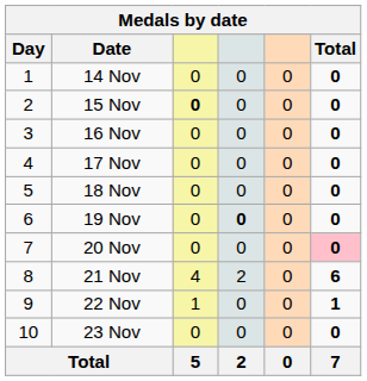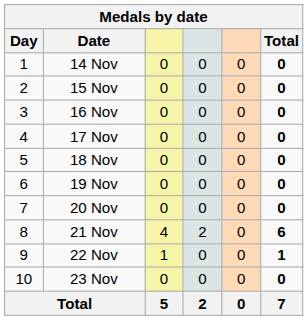 <table class="wikitable" style="font-size:90%; text-align:center;">
 <tr style="background:#efefef;">
 <th colspan=6><strong>Medals by date</strong></th>
 </tr>
 <tr>
 <th width=30><strong>Day</strong></th>
 <th width=90><strong>Date</strong></th>
 <th width=30 style="background:#F7F6A8;"></th>
 <th width=30 style="background:#DCE5E5;"></th>
 <th width=30 style="background:#FFDAB9;"></th>
 <th width=30><strong>Total</strong></th>
 </tr>
 <tr>
 <td>1</td>
 <td>14 Nov</td>
 <td style="background:#F7F6A8;">0</td>
 <td style="background:#DCE5E5;">0</td>
 <td style="background:#FFDAB9;">0</td>
 <td><strong>0</strong></td>
 </tr>
 <tr>
 <td>2</td>
 <td>15 Nov</td>
-<td style="background:#F7F6A8;"><strong>0</strong></td>
+<td style="background:#F7F6A8;">0</td>
 <td style="background:#DCE5E5;">0</td>
 <td style="background:#FFDAB9;">0</td>
 <td><strong>0</strong></td>
 </tr>
 <tr>
 <td>3</td>
 <td>16 Nov</td>
 <td style="background:#F7F6A8;">0</td>
 <td style="background:#DCE5E5;">0</td>
 <td style="background:#FFDAB9;">0</td>
 <td><strong>0</strong></td>
 </tr>
 <tr>
 <td>4</td>
 <td>17 Nov</td>
 <td style="background:#F7F6A8;">0</td>
 <td style="background:#DCE5E5;">0</td>
 <td style="background:#FFDAB9;">0</td>
 <td><strong>0</strong></td>
 </tr>
 <tr>
 <td>5</td>
 <td>18 Nov</td>
 <td style="background:#F7F6A8;">0</td>
 <td style="background:#DCE5E5;">0</td>
 <td style="background:#FFDAB9;">0</td>
 <td><strong>0</strong></td>
 </tr>
 <tr>
 <td>6</td>
 <td>19 Nov</td>
 <td style="background:#F7F6A8;">0</td>
-<td style="background:#DCE5E5;"><strong>0</strong></td>
+<td style="background:#DCE5E5;">0</td>
 <td style="background:#FFDAB9;">0</td>
 <td><strong>0</strong></td>
 </tr>
 <tr>
 <td>7</td>
 <td>20 Nov</td>
 <td style="background:#F7F6A8;">0</td>
 <td style="background:#DCE5E5;">0</td>
 <td style="background:#FFDAB9;">0</td>
-<td style="background: pink;"><strong>0</strong></td>
+<td><strong>0</strong></td>
 </tr>
 <tr>
 <td>8</td>
 <td>21 Nov</td>
 <td style="background:#F7F6A8;">4</td>
 <td style="background:#DCE5E5;">2</td>
 <td style="background:#FFDAB9;">0</td>
 <td><strong>6</strong></td>
 </tr>
 <tr>
 <td>9</td>
 <td>22 Nov</td>
 <td style="background:#F7F6A8;">1</td>
 <td style="background:#DCE5E5;">0</td>
 <td style="background:#FFDAB9;">0</td>
 <td><strong>1</strong></td>
 </tr>
 <tr>
 <td>10</td>
 <td>23 Nov</td>
 <td style="background:#F7F6A8;">0</td>
 <td style="background:#DCE5E5;">0</td>
 <td style="background:#FFDAB9;">0</td>
 <td><strong>0</strong></td>
 </tr>
 <tr>
 <th colspan="2"><strong>Total</strong></th>
 <th><strong>5</strong></th>
 <th><strong>2</strong></th>
 <th><strong>0</strong></th>
 <th><strong>7</strong></th>
 </tr>
 </table>
